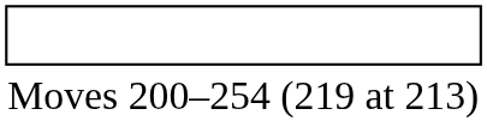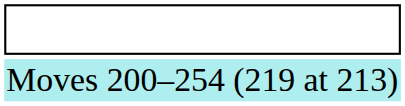 <table style="display:inline; display:inline-table;">
 <tr>
 <td style="border: solid thin; padding: 2px;"><br></td>
 </tr>
 <tr>
-<td style="text-align:center">Moves 200–254 (219 at 213)</td>
+<td style="background: paleturquoise; text-align:center">Moves 200–254 (219 at 213)</td>
 </tr>
 </table>
